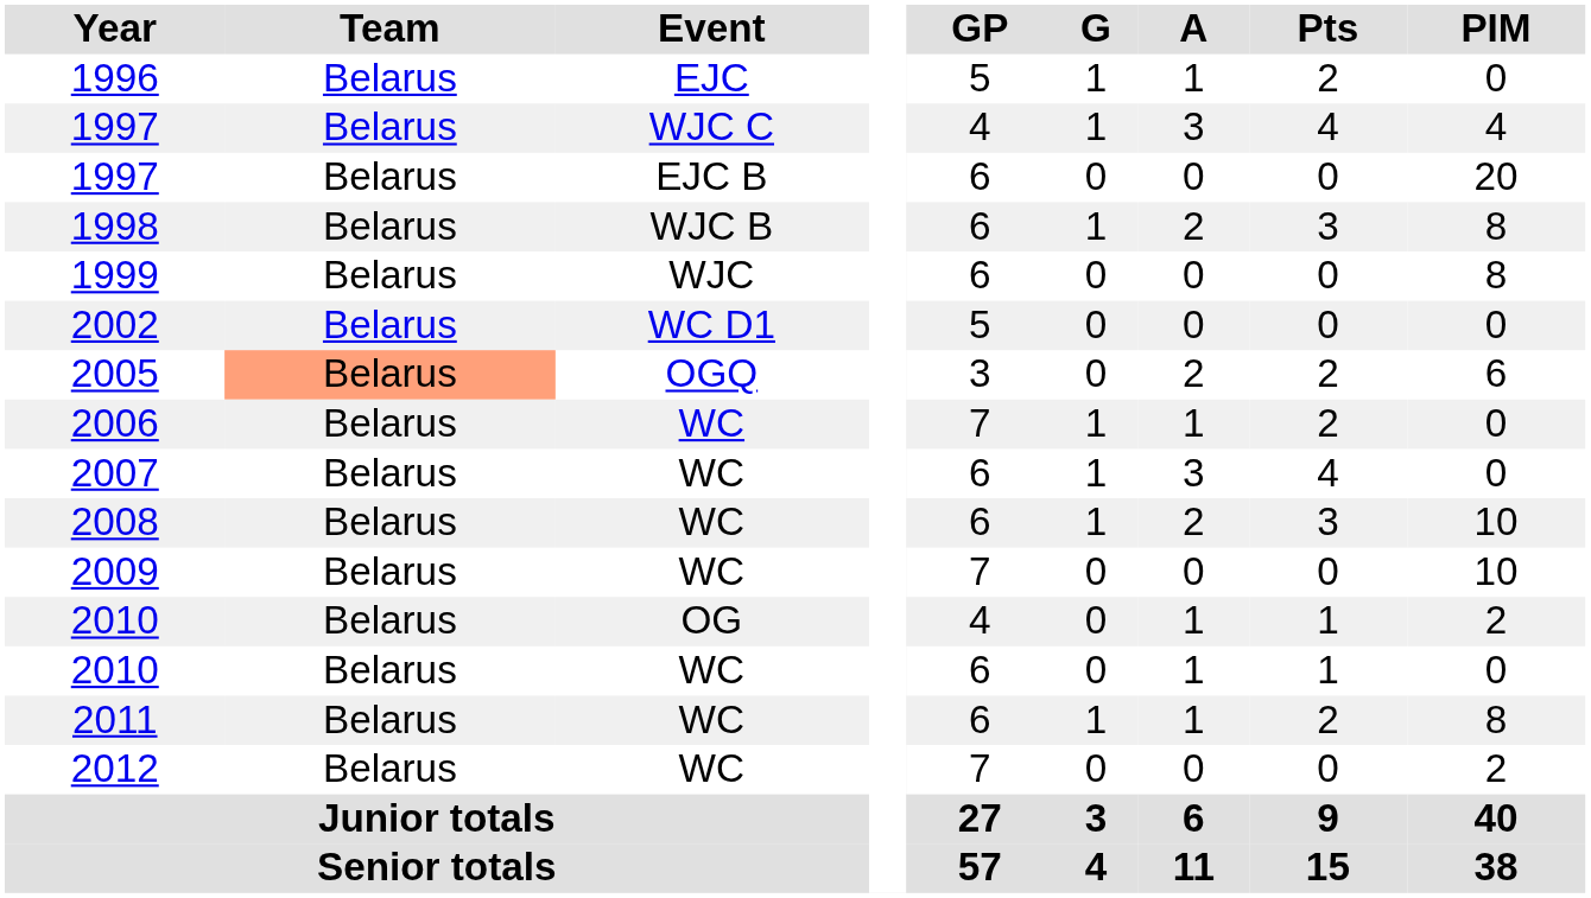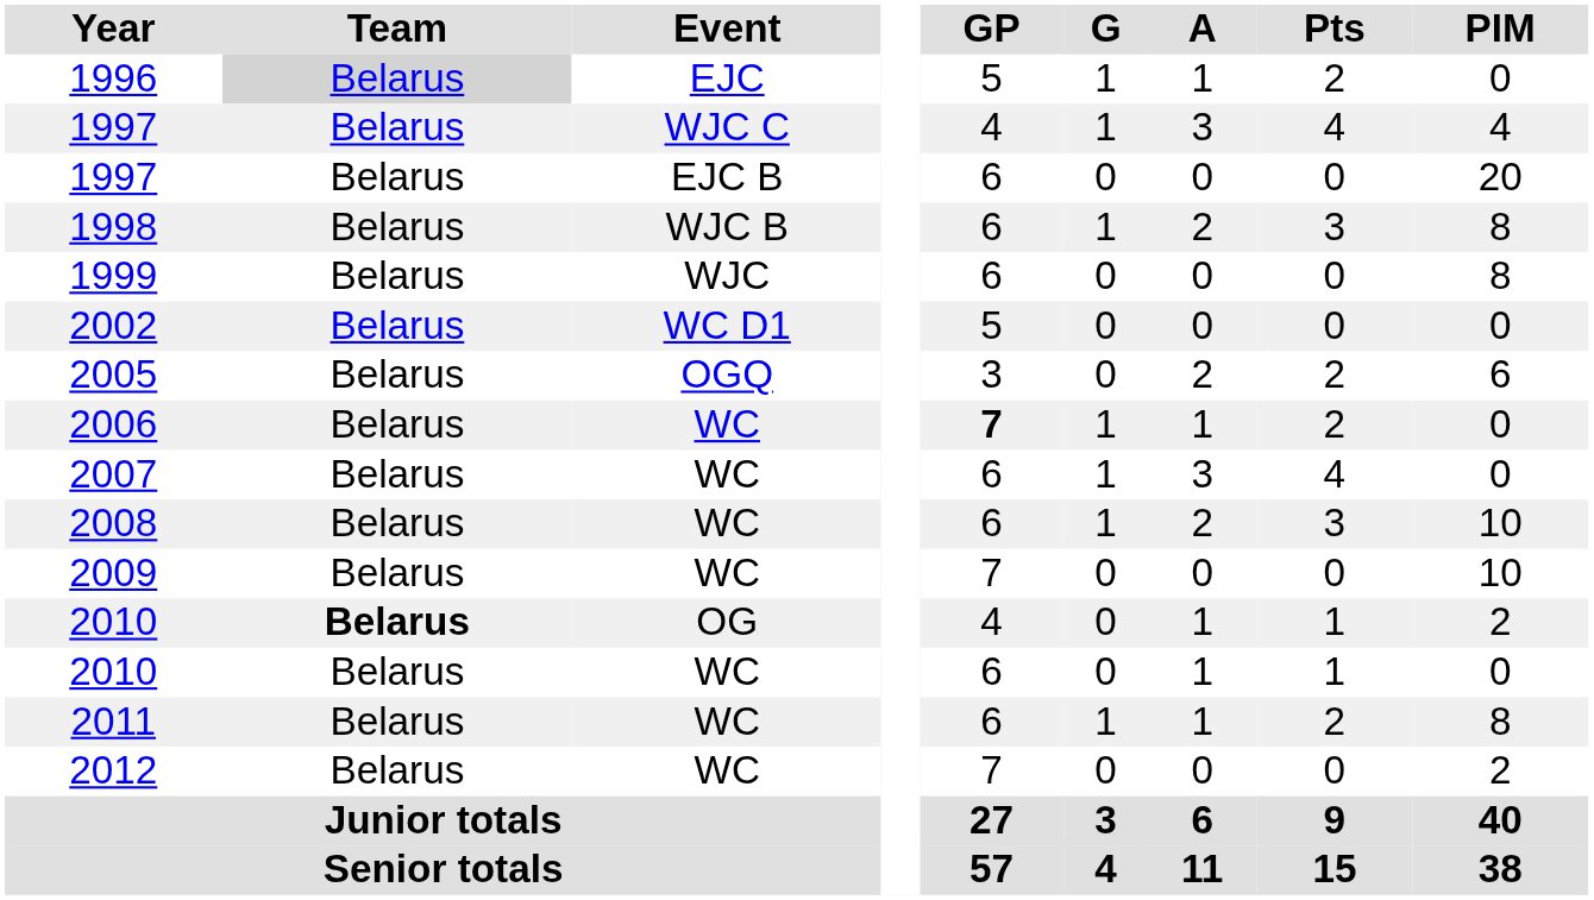 <table border="0" cellpadding="1" cellspacing="0" style="text-align:center; width:40em">
 <tr ALIGN="center" bgcolor="#e0e0e0">
 <th>Year</th>
 <th>Team</th>
 <th>Event</th>
 <th ALIGN="center" rowspan="99" bgcolor="#ffffff"> </th>
 <th>GP</th>
 <th>G</th>
 <th>A</th>
 <th>Pts</th>
 <th>PIM</th>
 </tr>
 <tr>
 <td><a href='#'>1996</a></td>
-<td><a href='#'>Belarus</a></td>
+<td style="background: lightgrey;"><a href='#'>Belarus</a></td>
 <td><a href='#'>EJC</a></td>
 <td>5</td>
 <td>1</td>
 <td>1</td>
 <td>2</td>
 <td>0</td>
 </tr>
 <tr bgcolor="#f0f0f0">
 <td><a href='#'>1997</a></td>
 <td><a href='#'>Belarus</a></td>
 <td><a href='#'>WJC C</a></td>
 <td>4</td>
 <td>1</td>
 <td>3</td>
 <td>4</td>
 <td>4</td>
 </tr>
 <tr>
 <td><a href='#'>1997</a></td>
 <td>Belarus</td>
 <td>EJC B</td>
 <td>6</td>
 <td>0</td>
 <td>0</td>
 <td>0</td>
 <td>20</td>
 </tr>
 <tr bgcolor="#f0f0f0">
 <td><a href='#'>1998</a></td>
 <td>Belarus</td>
 <td>WJC B</td>
 <td>6</td>
 <td>1</td>
 <td>2</td>
 <td>3</td>
 <td>8</td>
 </tr>
 <tr>
 <td><a href='#'>1999</a></td>
 <td>Belarus</td>
 <td>WJC</td>
 <td>6</td>
 <td>0</td>
 <td>0</td>
 <td>0</td>
 <td>8</td>
 </tr>
 <tr bgcolor="#f0f0f0">
 <td><a href='#'>2002</a></td>
 <td><a href='#'>Belarus</a></td>
 <td><a href='#'>WC D1</a></td>
 <td>5</td>
 <td>0</td>
 <td>0</td>
 <td>0</td>
 <td>0</td>
 </tr>
 <tr>
 <td><a href='#'>2005</a></td>
-<td style="background: lightsalmon;">Belarus</td>
+<td>Belarus</td>
 <td><a href='#'>OGQ</a></td>
 <td>3</td>
 <td>0</td>
 <td>2</td>
 <td>2</td>
 <td>6</td>
 </tr>
 <tr bgcolor="#f0f0f0">
 <td><a href='#'>2006</a></td>
 <td>Belarus</td>
 <td><a href='#'>WC</a></td>
-<td>7</td>
+<td><strong>7</strong></td>
 <td>1</td>
 <td>1</td>
 <td>2</td>
 <td>0</td>
 </tr>
 <tr>
 <td><a href='#'>2007</a></td>
 <td>Belarus</td>
 <td>WC</td>
 <td>6</td>
 <td>1</td>
 <td>3</td>
 <td>4</td>
 <td>0</td>
 </tr>
 <tr bgcolor="#f0f0f0">
 <td><a href='#'>2008</a></td>
 <td>Belarus</td>
 <td>WC</td>
 <td>6</td>
 <td>1</td>
 <td>2</td>
 <td>3</td>
 <td>10</td>
 </tr>
 <tr>
 <td><a href='#'>2009</a></td>
 <td>Belarus</td>
 <td>WC</td>
 <td>7</td>
 <td>0</td>
 <td>0</td>
 <td>0</td>
 <td>10</td>
 </tr>
 <tr bgcolor="#f0f0f0">
 <td><a href='#'>2010</a></td>
-<td>Belarus</td>
+<td><strong>Belarus</strong></td>
 <td>OG</td>
 <td>4</td>
 <td>0</td>
 <td>1</td>
 <td>1</td>
 <td>2</td>
 </tr>
 <tr>
 <td><a href='#'>2010</a></td>
 <td>Belarus</td>
 <td>WC</td>
 <td>6</td>
 <td>0</td>
 <td>1</td>
 <td>1</td>
 <td>0</td>
 </tr>
 <tr bgcolor="#f0f0f0">
 <td><a href='#'>2011</a></td>
 <td>Belarus</td>
 <td>WC</td>
 <td>6</td>
 <td>1</td>
 <td>1</td>
 <td>2</td>
 <td>8</td>
 </tr>
 <tr>
 <td><a href='#'>2012</a></td>
 <td>Belarus</td>
 <td>WC</td>
 <td>7</td>
 <td>0</td>
 <td>0</td>
 <td>0</td>
 <td>2</td>
 </tr>
 <tr bgcolor="#e0e0e0">
 <th colspan="3">Junior totals</th>
 <th>27</th>
 <th>3</th>
 <th>6</th>
 <th>9</th>
 <th>40</th>
 </tr>
 <tr bgcolor="#e0e0e0">
 <th colspan="3">Senior totals</th>
 <th>57</th>
 <th>4</th>
 <th>11</th>
 <th>15</th>
 <th>38</th>
 </tr>
 </table>
